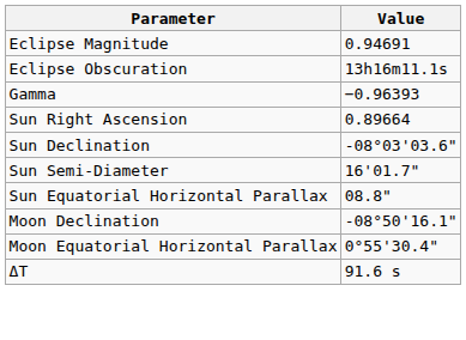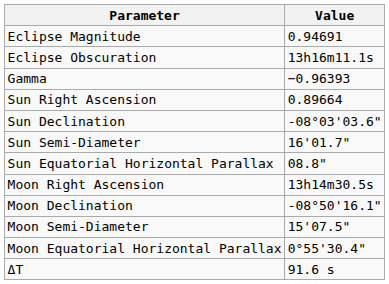 <table class="wikitable">
 <tr>
 <th>Parameter</th>
 <th>Value</th>
 </tr>
 <tr>
 <td>Eclipse Magnitude</td>
 <td>0.94691</td>
 </tr>
 <tr>
 <td>Eclipse Obscuration</td>
 <td>13h16m11.1s</td>
 </tr>
 <tr>
 <td>Gamma</td>
 <td>−0.96393</td>
 </tr>
 <tr>
 <td>Sun Right Ascension</td>
 <td>0.89664</td>
 </tr>
 <tr>
 <td>Sun Declination</td>
 <td>-08°03'03.6"</td>
 </tr>
 <tr>
 <td>Sun Semi-Diameter</td>
 <td>16'01.7"</td>
 </tr>
 <tr>
 <td>Sun Equatorial Horizontal Parallax</td>
 <td>08.8"</td>
 </tr>
 <tr>
+<td>Moon Right Ascension</td>
+<td>13h14m30.5s</td>
+</tr>
+<tr>
 <td>Moon Declination</td>
 <td>-08°50'16.1"</td>
+</tr>
+<tr>
+<td>Moon Semi-Diameter</td>
+<td>15'07.5"</td>
 </tr>
 <tr>
 <td>Moon Equatorial Horizontal Parallax</td>
 <td>0°55'30.4"</td>
 </tr>
 <tr>
 <td>ΔT</td>
 <td>91.6 s</td>
 </tr>
 </table>
